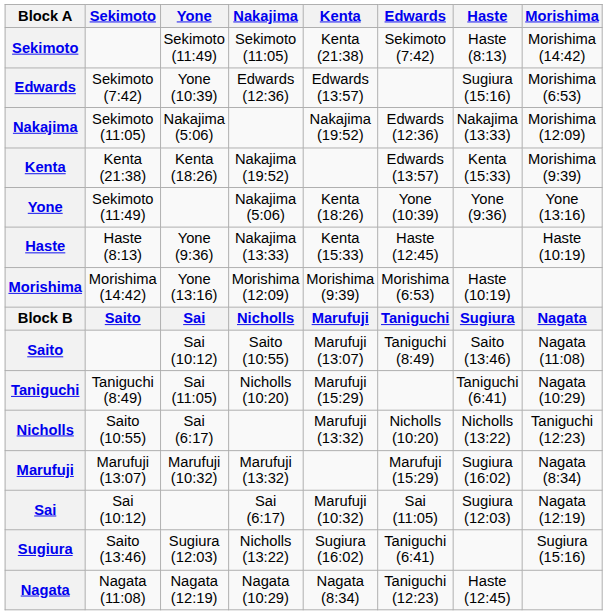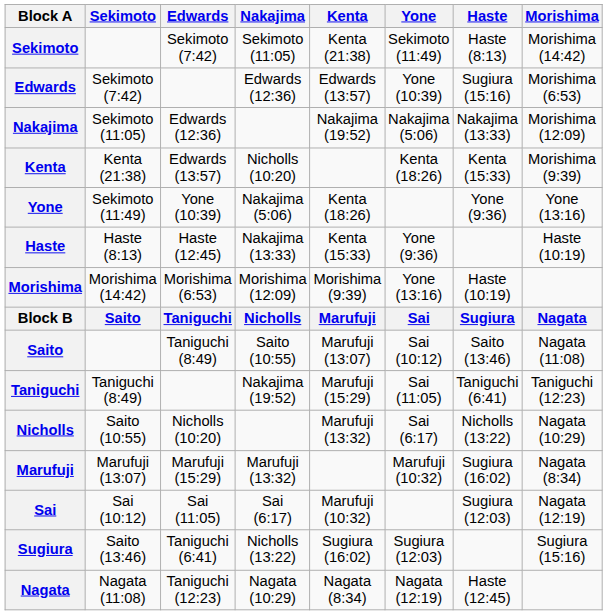 <table class="wikitable" style="margin: 1em auto 1em auto;text-align:center">
 <tr>
 <th>Block A</th>
 <th><a href='#'>Sekimoto</a></th>
-<th><a href='#'>Yone</a></th>
+<th><a href='#'>Edwards</a></th>
 <th><a href='#'>Nakajima</a></th>
 <th><a href='#'>Kenta</a></th>
-<th><a href='#'>Edwards</a></th>
+<th><a href='#'>Yone</a></th>
 <th><a href='#'>Haste</a></th>
 <th><a href='#'>Morishima</a></th>
 </tr>
 <tr>
 <th><a href='#'>Sekimoto</a></th>
 <td></td>
-<td>Sekimoto<br>(11:49)</td>
+<td>Sekimoto<br>(7:42)</td>
 <td>Sekimoto<br>(11:05)</td>
 <td>Kenta<br>(21:38)</td>
-<td>Sekimoto<br>(7:42)</td>
+<td>Sekimoto<br>(11:49)</td>
 <td>Haste<br>(8:13)</td>
 <td>Morishima<br>(14:42)</td>
 </tr>
 <tr>
 <th><a href='#'>Edwards</a></th>
 <td>Sekimoto<br>(7:42)</td>
-<td>Yone<br>(10:39)</td>
+<td></td>
 <td>Edwards<br>(12:36)</td>
 <td>Edwards<br>(13:57)</td>
-<td></td>
+<td>Yone<br>(10:39)</td>
 <td>Sugiura<br>(15:16)</td>
 <td>Morishima<br>(6:53)</td>
 </tr>
 <tr>
 <th><a href='#'>Nakajima</a></th>
 <td>Sekimoto<br>(11:05)</td>
-<td>Nakajima<br>(5:06)</td>
+<td>Edwards<br>(12:36)</td>
 <td></td>
 <td>Nakajima<br>(19:52)</td>
-<td>Edwards<br>(12:36)</td>
+<td>Nakajima<br>(5:06)</td>
 <td>Nakajima<br>(13:33)</td>
 <td>Morishima<br>(12:09)</td>
 </tr>
 <tr>
 <th><a href='#'>Kenta</a></th>
 <td>Kenta<br>(21:38)</td>
+<td>Edwards<br>(13:57)</td>
+<td>Nicholls<br>(10:20)</td>
+<td></td>
 <td>Kenta<br>(18:26)</td>
-<td>Nakajima<br>(19:52)</td>
-<td></td>
-<td>Edwards<br>(13:57)</td>
 <td>Kenta<br>(15:33)</td>
 <td>Morishima<br>(9:39)</td>
 </tr>
 <tr>
 <th><a href='#'>Yone</a></th>
 <td>Sekimoto<br>(11:49)</td>
-<td></td>
+<td>Yone<br>(10:39)</td>
 <td>Nakajima<br>(5:06)</td>
 <td>Kenta<br>(18:26)</td>
-<td>Yone<br>(10:39)</td>
+<td></td>
 <td>Yone<br>(9:36)</td>
 <td>Yone<br>(13:16)</td>
 </tr>
 <tr>
 <th><a href='#'>Haste</a></th>
 <td>Haste<br>(8:13)</td>
-<td>Yone<br>(9:36)</td>
+<td>Haste<br>(12:45)</td>
 <td>Nakajima<br>(13:33)</td>
 <td>Kenta<br>(15:33)</td>
-<td>Haste<br>(12:45)</td>
+<td>Yone<br>(9:36)</td>
 <td></td>
 <td>Haste<br>(10:19)</td>
 </tr>
 <tr>
 <th><a href='#'>Morishima</a></th>
 <td>Morishima<br>(14:42)</td>
-<td>Yone<br>(13:16)</td>
+<td>Morishima<br>(6:53)</td>
 <td>Morishima<br>(12:09)</td>
 <td>Morishima<br>(9:39)</td>
-<td>Morishima<br>(6:53)</td>
+<td>Yone<br>(13:16)</td>
 <td>Haste<br>(10:19)</td>
 <td></td>
 </tr>
 <tr>
 <th>Block B</th>
 <th><a href='#'>Saito</a></th>
-<th><a href='#'>Sai</a></th>
+<th><a href='#'>Taniguchi</a></th>
 <th><a href='#'>Nicholls</a></th>
 <th><a href='#'>Marufuji</a></th>
-<th><a href='#'>Taniguchi</a></th>
+<th><a href='#'>Sai</a></th>
 <th><a href='#'>Sugiura</a></th>
 <th><a href='#'>Nagata</a></th>
 </tr>
 <tr>
 <th><a href='#'>Saito</a></th>
 <td></td>
-<td>Sai<br>(10:12)</td>
+<td>Taniguchi<br>(8:49)</td>
 <td>Saito<br>(10:55)</td>
 <td>Marufuji<br>(13:07)</td>
-<td>Taniguchi<br>(8:49)</td>
+<td>Sai<br>(10:12)</td>
 <td>Saito<br>(13:46)</td>
 <td>Nagata<br>(11:08)</td>
 </tr>
 <tr>
 <th><a href='#'>Taniguchi</a></th>
 <td>Taniguchi<br>(8:49)</td>
+<td></td>
+<td>Nakajima<br>(19:52)</td>
+<td>Marufuji<br>(15:29)</td>
 <td>Sai<br>(11:05)</td>
-<td>Nicholls<br>(10:20)</td>
-<td>Marufuji<br>(15:29)</td>
-<td></td>
 <td>Taniguchi<br>(6:41)</td>
-<td>Nagata<br>(10:29)</td>
+<td>Taniguchi<br>(12:23)</td>
 </tr>
 <tr>
 <th><a href='#'>Nicholls</a></th>
 <td>Saito<br>(10:55)</td>
-<td>Sai<br>(6:17)</td>
+<td>Nicholls<br>(10:20)</td>
 <td></td>
 <td>Marufuji<br>(13:32)</td>
-<td>Nicholls<br>(10:20)</td>
+<td>Sai<br>(6:17)</td>
 <td>Nicholls<br>(13:22)</td>
-<td>Taniguchi<br>(12:23)</td>
+<td>Nagata<br>(10:29)</td>
 </tr>
 <tr>
 <th><a href='#'>Marufuji</a></th>
 <td>Marufuji<br>(13:07)</td>
-<td>Marufuji<br>(10:32)</td>
+<td>Marufuji<br>(15:29)</td>
 <td>Marufuji<br>(13:32)</td>
 <td></td>
-<td>Marufuji<br>(15:29)</td>
+<td>Marufuji<br>(10:32)</td>
 <td>Sugiura<br>(16:02)</td>
 <td>Nagata<br>(8:34)</td>
 </tr>
 <tr>
 <th><a href='#'>Sai</a></th>
 <td>Sai<br>(10:12)</td>
-<td></td>
+<td>Sai<br>(11:05)</td>
 <td>Sai<br>(6:17)</td>
 <td>Marufuji<br>(10:32)</td>
-<td>Sai<br>(11:05)</td>
+<td></td>
 <td>Sugiura<br>(12:03)</td>
 <td>Nagata<br>(12:19)</td>
 </tr>
 <tr>
 <th><a href='#'>Sugiura</a></th>
 <td>Saito<br>(13:46)</td>
-<td>Sugiura<br>(12:03)</td>
+<td>Taniguchi<br>(6:41)</td>
 <td>Nicholls<br>(13:22)</td>
 <td>Sugiura<br>(16:02)</td>
-<td>Taniguchi<br>(6:41)</td>
+<td>Sugiura<br>(12:03)</td>
 <td></td>
 <td>Sugiura<br>(15:16)</td>
 </tr>
 <tr>
 <th><a href='#'>Nagata</a></th>
 <td>Nagata<br>(11:08)</td>
-<td>Nagata<br>(12:19)</td>
+<td>Taniguchi<br>(12:23)</td>
 <td>Nagata<br>(10:29)</td>
 <td>Nagata<br>(8:34)</td>
-<td>Taniguchi<br>(12:23)</td>
+<td>Nagata<br>(12:19)</td>
 <td>Haste<br>(12:45)</td>
 <td></td>
 </tr>
 </table>
